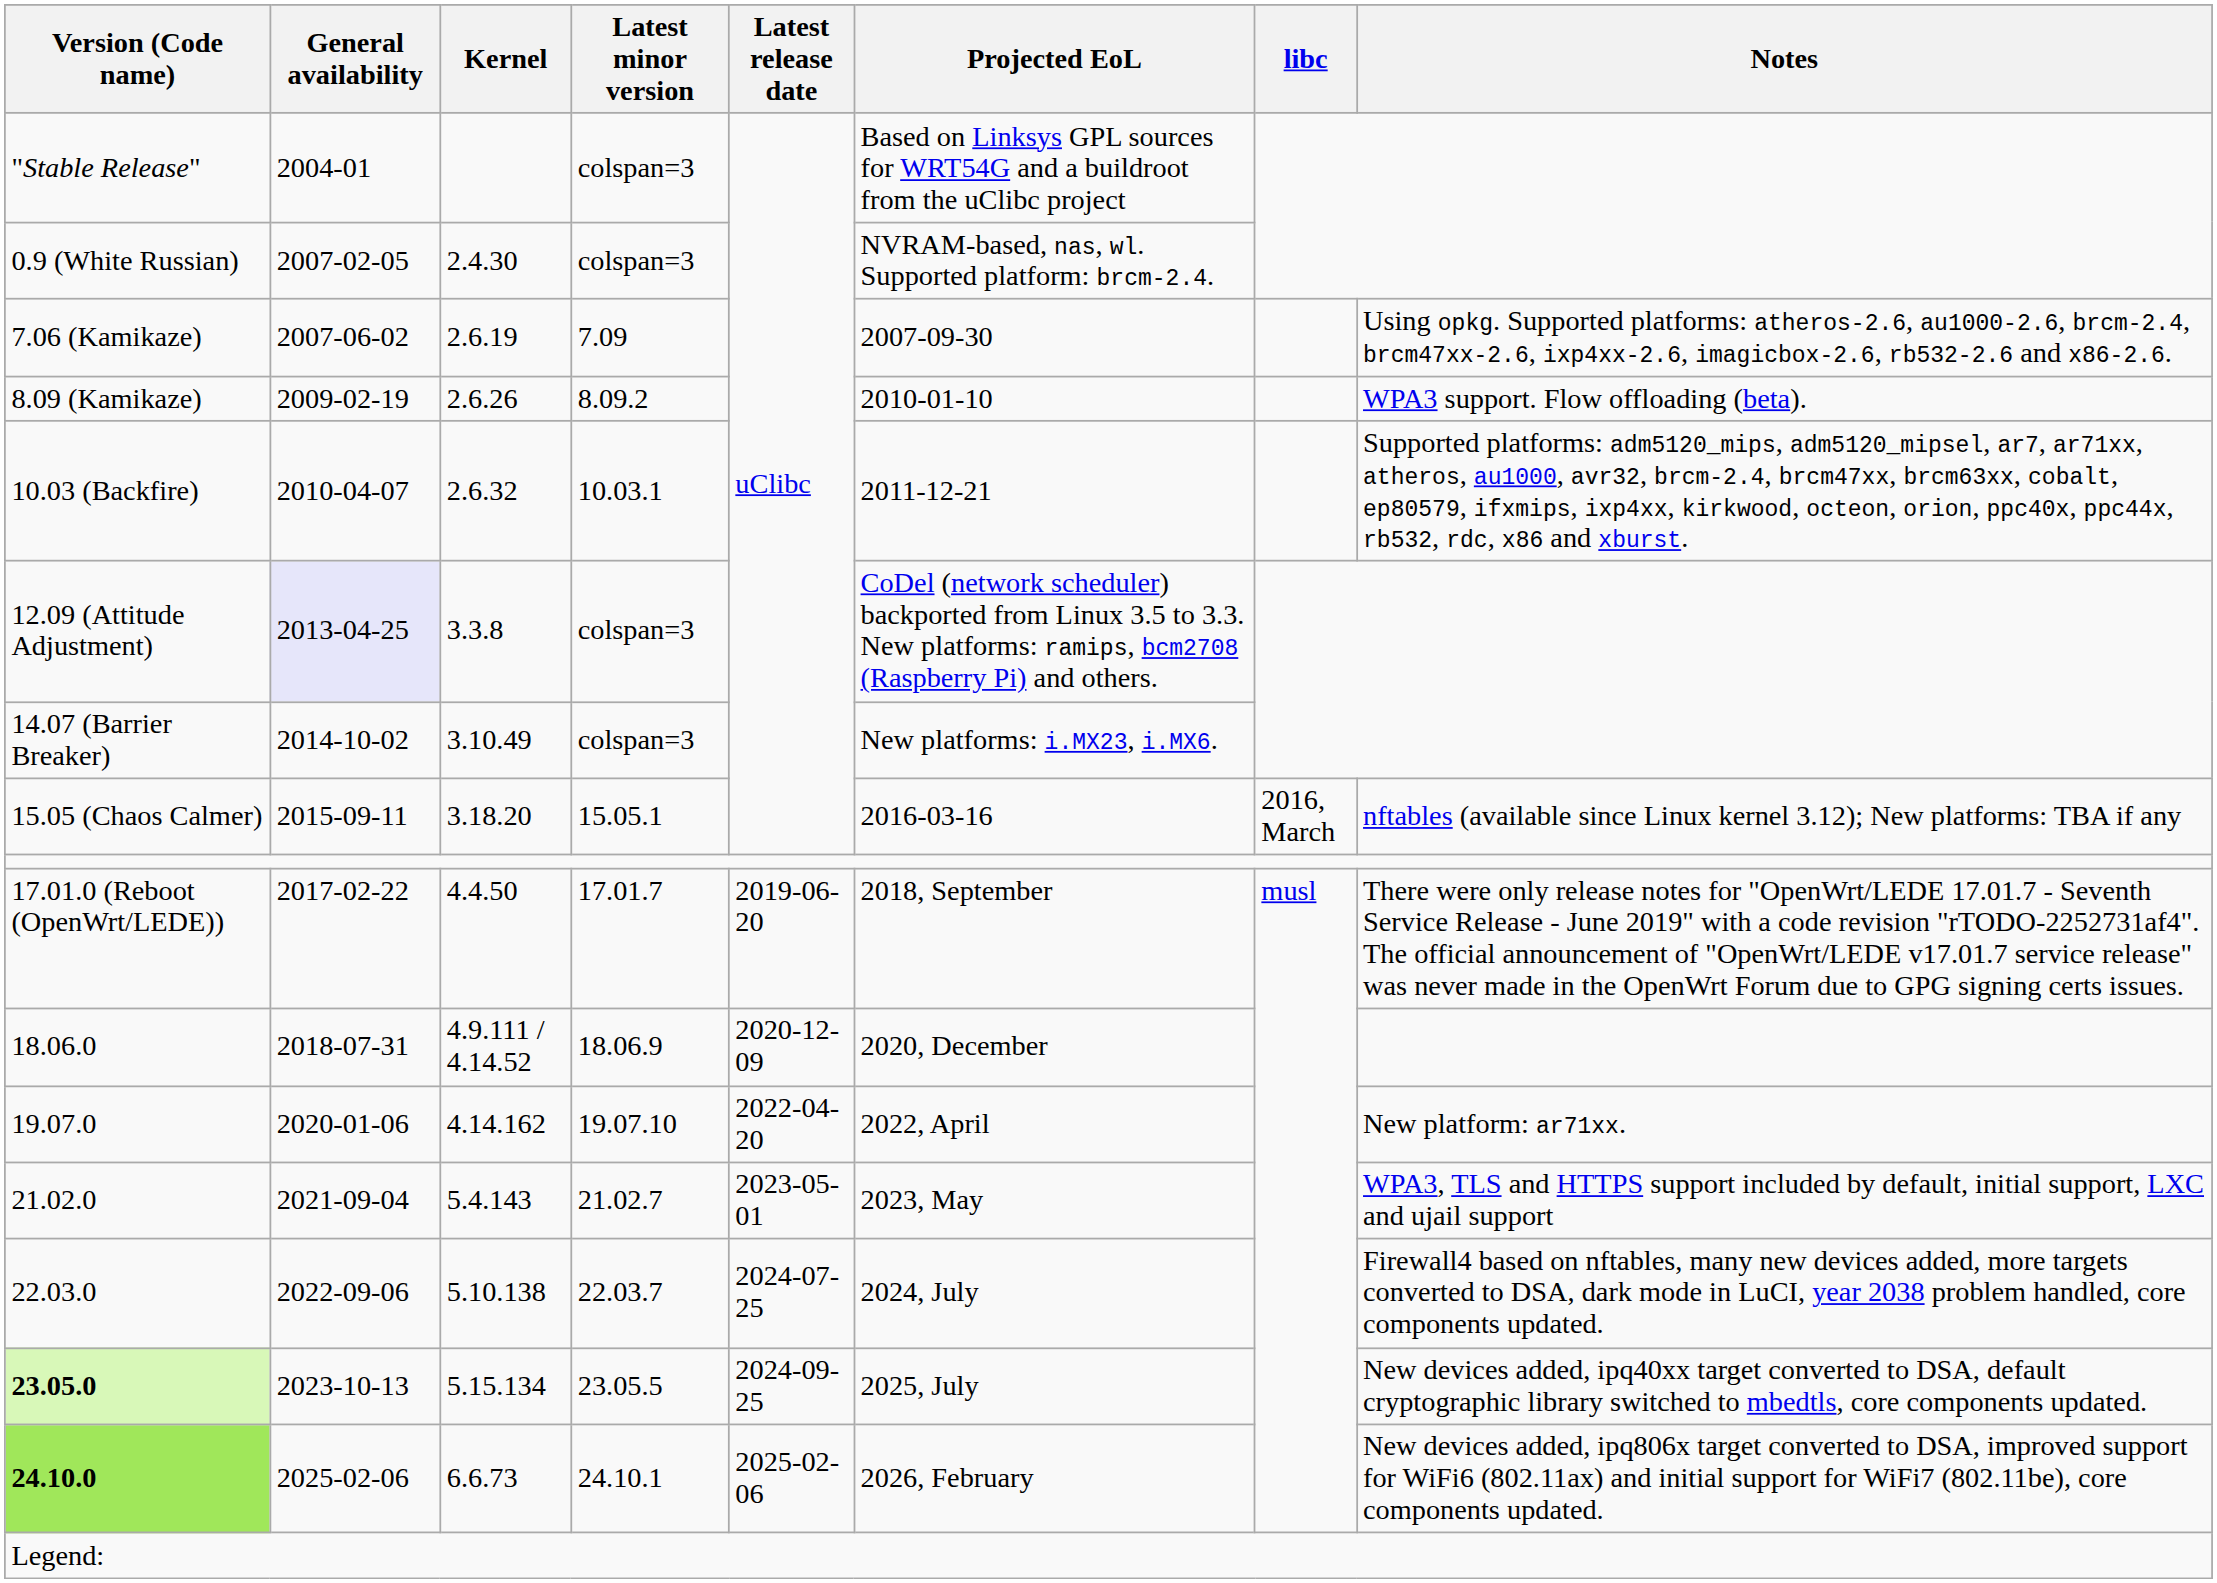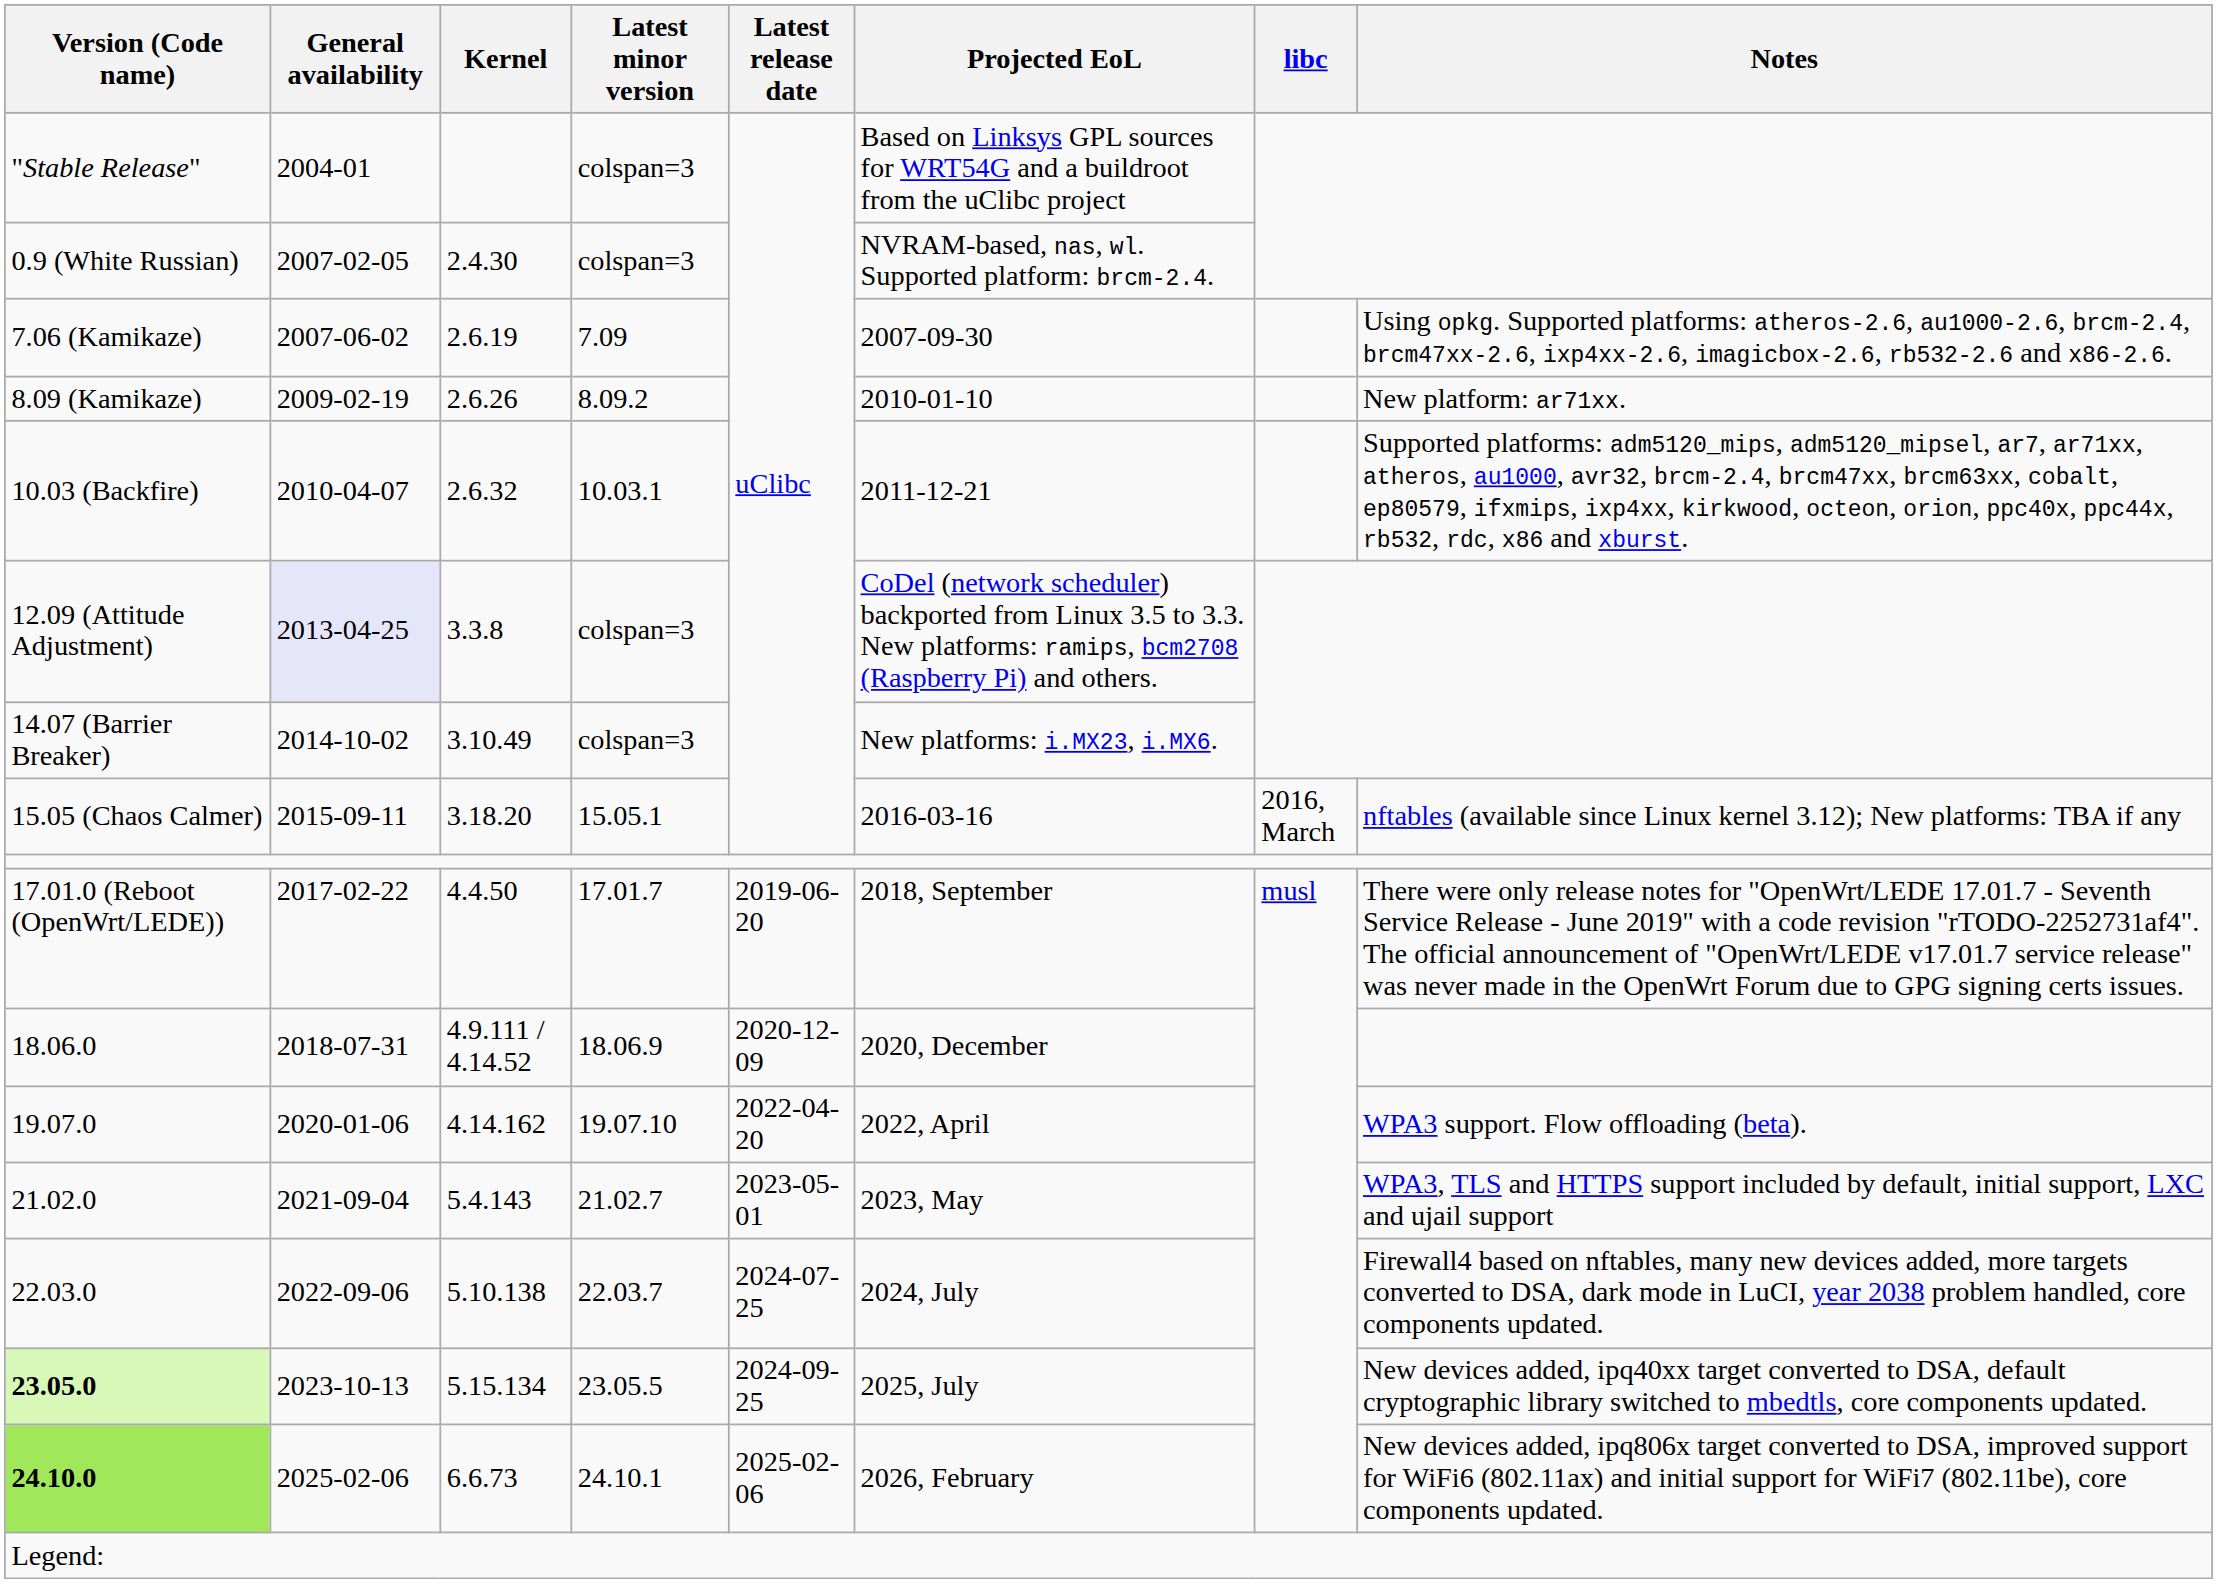 <table class="wikitable mw-datatable sticky-header">
 <tr>
 <th>Version (Code name)</th>
 <th>General availability</th>
 <th>Kernel</th>
 <th>Latest minor version</th>
 <th>Latest release date</th>
 <th>Projected EoL</th>
 <th><a href='#'>libc</a></th>
 <th>Notes</th>
 </tr>
 <tr>
 <td>"<em>Stable Release</em>"</td>
 <td>2004-01</td>
 <td></td>
 <td>colspan=3 </td>
 <td rowspan="8"><a href='#'>uClibc</a></td>
 <td>Based on <a href='#'>Linksys</a> GPL sources for <a href='#'>WRT54G</a> and a buildroot from the uClibc project</td>
 </tr>
 <tr>
 <td>0.9 (White Russian)</td>
 <td>2007-02-05</td>
 <td>2.4.30</td>
 <td>colspan=3 </td>
 <td>NVRAM-based, <code>nas</code>, <code>wl</code>. Supported platform: <code>brcm-2.4</code>.</td>
 </tr>
 <tr>
 <td>7.06 (Kamikaze)</td>
 <td>2007-06-02</td>
 <td>2.6.19</td>
 <td>7.09</td>
 <td>2007-09-30</td>
 <td></td>
 <td>Using <code>opkg</code>.  Supported platforms: <code>atheros-2.6</code>, <code>au1000-2.6</code>, <code>brcm-2.4</code>, <code>brcm47xx-2.6</code>, <code>ixp4xx-2.6</code>, <code>imagicbox-2.6</code>, <code>rb532-2.6</code> and <code>x86-2.6</code>.</td>
 </tr>
 <tr>
 <td>8.09 (Kamikaze)</td>
 <td>2009-02-19</td>
 <td>2.6.26</td>
 <td>8.09.2</td>
 <td>2010-01-10</td>
 <td></td>
-<td><a href='#'>WPA3</a> support. Flow offloading (<a href='#'>beta</a>).</td>
+<td>New platform: <code>ar71xx</code>.</td>
 </tr>
 <tr>
 <td>10.03 (Backfire)</td>
 <td>2010-04-07</td>
 <td>2.6.32</td>
 <td>10.03.1</td>
 <td>2011-12-21</td>
 <td></td>
 <td>Supported platforms: <code>adm5120_mips</code>, <code>adm5120_mipsel</code>, <code>ar7</code>, <code>ar71xx</code>, <code>atheros</code>, <code><a href='#'>au1000</a></code>, <code>avr32</code>, <code>brcm-2.4</code>, <code>brcm47xx</code>, <code>brcm63xx</code>, <code>cobalt</code>, <code>ep80579</code>, <code>ifxmips</code>, <code>ixp4xx</code>, <code>kirkwood</code>, <code>octeon</code>, <code>orion</code>, <code>ppc40x</code>, <code>ppc44x</code>, <code>rb532</code>, <code>rdc</code>, <code>x86</code> and <code><a href='#'>xburst</a></code>.</td>
 </tr>
 <tr>
 <td>12.09 (Attitude Adjustment)</td>
 <td style="background: lavender;">2013-04-25</td>
 <td>3.3.8</td>
 <td>colspan=3 </td>
 <td><a href='#'>CoDel</a> (<a href='#'>network scheduler</a>) backported from Linux 3.5 to 3.3.  New platforms: <code>ramips</code>, <a href='#'><code>bcm2708</code> (Raspberry Pi)</a> and others.</td>
 </tr>
 <tr>
 <td>14.07 (Barrier Breaker)</td>
 <td>2014-10-02</td>
 <td>3.10.49</td>
 <td>colspan=3 </td>
 <td>New platforms: <code><a href='#'>i.MX23</a></code>, <code><a href='#'>i.MX6</a></code>.</td>
 </tr>
 <tr>
 <td>15.05 (Chaos Calmer)</td>
 <td>2015-09-11</td>
 <td>3.18.20</td>
 <td>15.05.1</td>
 <td>2016-03-16</td>
 <td>2016, March</td>
 <td><a href='#'>nftables</a> (available since Linux kernel 3.12); New platforms: TBA if any</td>
 </tr>
 <tr valign=top>
 <td colspan="8"></td>
 </tr>
 <tr valign=top>
 <td>17.01.0 (Reboot (OpenWrt/LEDE))</td>
 <td>2017-02-22</td>
 <td>4.4.50</td>
 <td>17.01.7</td>
 <td>2019-06-20</td>
 <td>2018, September</td>
 <td rowspan="7"><a href='#'>musl</a></td>
 <td>There were only release notes for "OpenWrt/LEDE 17.01.7 - Seventh Service Release - June 2019" with a code revision "rTODO-2252731af4". The official announcement of "OpenWrt/LEDE v17.01.7 service release" was never made in the OpenWrt Forum due to GPG signing certs issues.</td>
 </tr>
 <tr>
 <td>18.06.0</td>
 <td>2018-07-31</td>
 <td>4.9.111 / 4.14.52</td>
 <td>18.06.9</td>
 <td>2020-12-09</td>
 <td>2020, December</td>
 <td></td>
 </tr>
 <tr>
 <td>19.07.0</td>
 <td>2020-01-06</td>
 <td>4.14.162</td>
 <td>19.07.10</td>
 <td>2022-04-20</td>
 <td>2022, April</td>
-<td>New platform: <code>ar71xx</code>.</td>
+<td><a href='#'>WPA3</a> support. Flow offloading (<a href='#'>beta</a>).</td>
 </tr>
 <tr>
 <td>21.02.0</td>
 <td>2021-09-04</td>
 <td>5.4.143</td>
 <td>21.02.7</td>
 <td>2023-05-01</td>
 <td>2023, May</td>
 <td><a href='#'>WPA3</a>, <a href='#'>TLS</a> and <a href='#'>HTTPS</a> support included by default, initial  support, <a href='#'>LXC</a> and ujail support </td>
 </tr>
 <tr>
 <td>22.03.0</td>
 <td>2022-09-06</td>
 <td>5.10.138</td>
 <td>22.03.7</td>
 <td>2024-07-25</td>
 <td>2024, July</td>
 <td>Firewall4 based on nftables, many new devices added, more targets converted to DSA, dark mode in LuCI, <a href='#'>year 2038</a> problem handled, core components updated.</td>
 </tr>
 <tr>
 <td style="background:#d8f8b8;"><strong>23.05.0</strong></td>
 <td>2023-10-13</td>
 <td>5.15.134</td>
 <td>23.05.5</td>
 <td>2024-09-25</td>
 <td>2025, July</td>
 <td>New devices added, ipq40xx target converted to DSA, default cryptographic library switched to <a href='#'>mbedtls</a>, core components updated.</td>
 </tr>
 <tr>
 <td style="background:#a0e75a;"><strong>24.10.0</strong></td>
 <td>2025-02-06</td>
 <td>6.6.73</td>
 <td>24.10.1</td>
 <td>2025-02-06</td>
 <td>2026, February</td>
 <td>New devices added, ipq806x target converted to DSA, improved support for WiFi6 (802.11ax) and initial support for WiFi7 (802.11be), core components updated.</td>
 </tr>
 <tr>
 <td colspan="8">Legend:   </td>
 </tr>
 </table>
